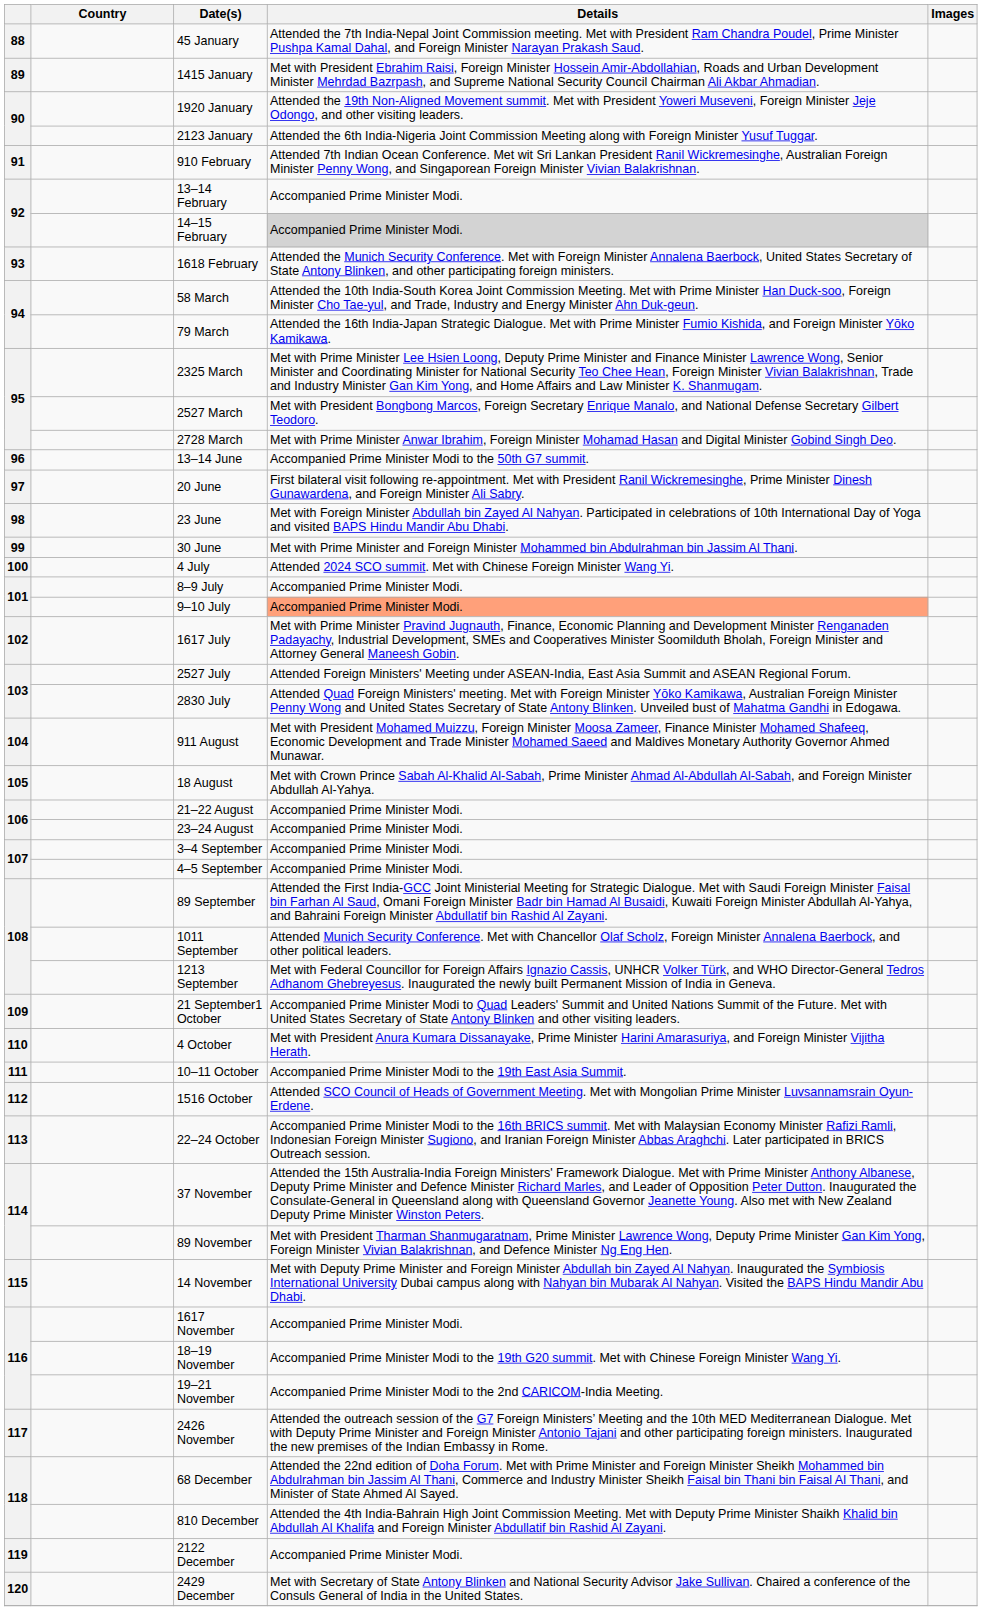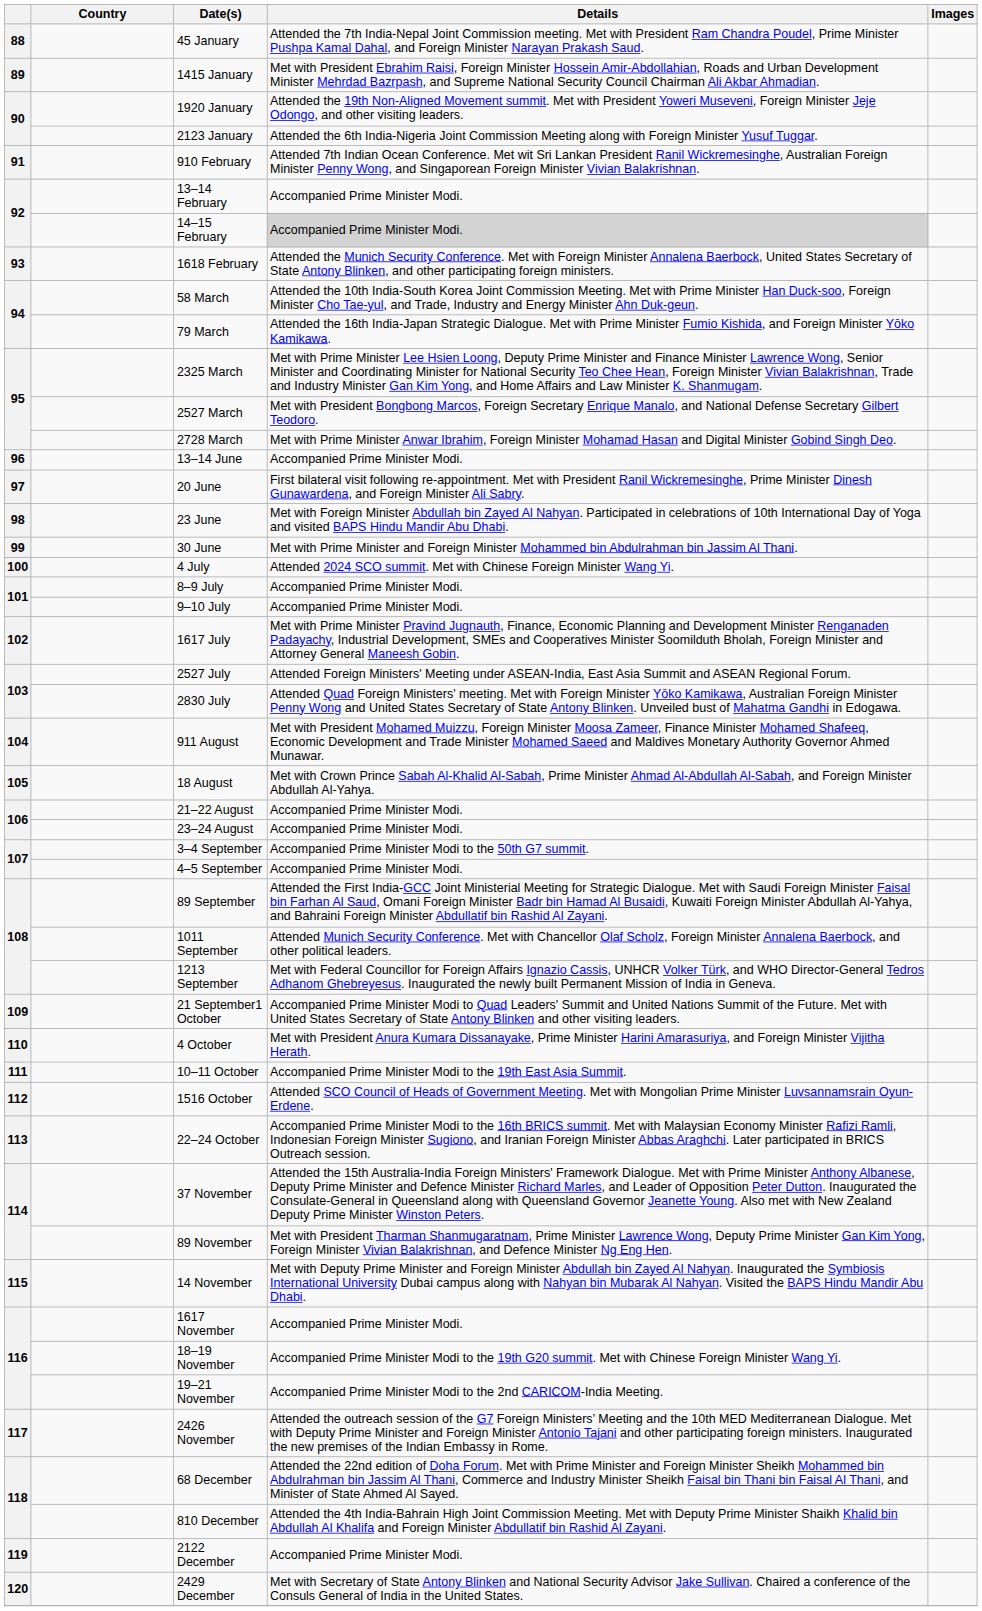 <table class="wikitable outercollapse sortable">
 <tr>
 <th></th>
 <th style="width:11em">Country</th>
 <th style="width:7em">Date(s)</th>
 <th class="unsortable">Details</th>
 <th>Images</th>
 </tr>
 <tr>
 <th>88</th>
 <td></td>
 <td>45 January</td>
 <td>Attended the 7th India-Nepal Joint Commission meeting. Met with President <a href='#'>Ram Chandra Poudel</a>, Prime Minister <a href='#'>Pushpa Kamal Dahal</a>, and Foreign Minister <a href='#'>Narayan Prakash Saud</a>.</td>
 <td></td>
 </tr>
 <tr>
 <th>89</th>
 <td></td>
 <td>1415 January</td>
 <td>Met with President <a href='#'>Ebrahim Raisi</a>, Foreign Minister <a href='#'>Hossein Amir-Abdollahian</a>, Roads and Urban Development Minister <a href='#'>Mehrdad Bazrpash</a>, and Supreme National Security Council Chairman <a href='#'>Ali Akbar Ahmadian</a>.</td>
 <td></td>
 </tr>
 <tr>
 <th rowspan="2">90</th>
 <td></td>
 <td>1920 January</td>
 <td>Attended the <a href='#'>19th Non-Aligned Movement summit</a>. Met with President <a href='#'>Yoweri Museveni</a>, Foreign Minister <a href='#'>Jeje Odongo</a>, and other visiting leaders.</td>
 <td></td>
 </tr>
 <tr>
 <td></td>
 <td>2123 January</td>
 <td>Attended the 6th India-Nigeria Joint Commission Meeting along with Foreign Minister <a href='#'>Yusuf Tuggar</a>.</td>
 <td></td>
 </tr>
 <tr>
 <th>91</th>
 <td></td>
 <td>910 February</td>
 <td>Attended 7th Indian Ocean Conference. Met wit Sri Lankan President <a href='#'>Ranil Wickremesinghe</a>, Australian Foreign Minister <a href='#'>Penny Wong</a>, and Singaporean Foreign Minister <a href='#'>Vivian Balakrishnan</a>.</td>
 <td></td>
 </tr>
 <tr>
 <th rowspan="2">92</th>
 <td></td>
 <td>13–14 February</td>
 <td>Accompanied Prime Minister Modi.</td>
 <td></td>
 </tr>
 <tr>
 <td></td>
 <td>14–15 February</td>
 <td style="background: lightgrey;">Accompanied Prime Minister Modi.</td>
 <td></td>
 </tr>
 <tr>
 <th>93</th>
 <td></td>
 <td>1618 February</td>
 <td>Attended the <a href='#'>Munich Security Conference</a>. Met with Foreign Minister <a href='#'>Annalena Baerbock</a>, United States Secretary of State <a href='#'>Antony Blinken</a>, and other participating foreign ministers.</td>
 <td></td>
 </tr>
 <tr>
 <th rowspan="2">94</th>
 <td></td>
 <td>58 March</td>
 <td>Attended the 10th India-South Korea Joint Commission Meeting. Met with Prime Minister <a href='#'>Han Duck-soo</a>, Foreign Minister <a href='#'>Cho Tae-yul</a>, and Trade, Industry and Energy Minister <a href='#'>Ahn Duk-geun</a>.</td>
 <td></td>
 </tr>
 <tr>
 <td></td>
 <td>79 March</td>
 <td>Attended the 16th India-Japan Strategic Dialogue. Met with Prime Minister <a href='#'>Fumio Kishida</a>, and Foreign Minister <a href='#'>Yōko Kamikawa</a>.</td>
 <td></td>
 </tr>
 <tr>
 <th rowspan="3">95</th>
 <td></td>
 <td>2325 March</td>
 <td>Met with Prime Minister <a href='#'>Lee Hsien Loong</a>, Deputy Prime Minister and Finance Minister <a href='#'>Lawrence Wong</a>, Senior Minister and Coordinating Minister for National Security <a href='#'>Teo Chee Hean</a>, Foreign Minister <a href='#'>Vivian Balakrishnan</a>, Trade and Industry Minister <a href='#'>Gan Kim Yong</a>, and Home Affairs and Law Minister <a href='#'>K. Shanmugam</a>.</td>
 <td></td>
 </tr>
 <tr>
 <td></td>
 <td>2527 March</td>
 <td>Met with President <a href='#'>Bongbong Marcos</a>, Foreign Secretary <a href='#'>Enrique Manalo</a>, and National Defense Secretary <a href='#'>Gilbert Teodoro</a>.</td>
 <td></td>
 </tr>
 <tr>
 <td></td>
 <td>2728 March</td>
 <td>Met with Prime Minister <a href='#'>Anwar Ibrahim</a>, Foreign Minister <a href='#'>Mohamad Hasan</a> and Digital Minister <a href='#'>Gobind Singh Deo</a>.</td>
 <td></td>
 </tr>
 <tr>
 <th>96</th>
 <td></td>
 <td>13–14 June</td>
-<td>Accompanied Prime Minister Modi to the <a href='#'>50th G7 summit</a>.</td>
+<td>Accompanied Prime Minister Modi.</td>
 <td></td>
 </tr>
 <tr>
 <th>97</th>
 <td></td>
 <td>20 June</td>
 <td>First bilateral visit following re-appointment. Met with President <a href='#'>Ranil Wickremesinghe</a>, Prime Minister <a href='#'>Dinesh Gunawardena</a>, and Foreign Minister <a href='#'>Ali Sabry</a>.</td>
 <td></td>
 </tr>
 <tr>
 <th>98</th>
 <td></td>
 <td>23 June</td>
 <td>Met with Foreign Minister <a href='#'>Abdullah bin Zayed Al Nahyan</a>. Participated in celebrations of 10th International Day of Yoga and visited <a href='#'>BAPS Hindu Mandir Abu Dhabi</a>.</td>
 <td></td>
 </tr>
 <tr>
 <th>99</th>
 <td></td>
 <td>30 June</td>
 <td>Met with Prime Minister and Foreign Minister <a href='#'>Mohammed bin Abdulrahman bin Jassim Al Thani</a>.</td>
 <td></td>
 </tr>
 <tr>
 <th>100</th>
 <td></td>
 <td>4 July</td>
 <td>Attended <a href='#'>2024 SCO summit</a>. Met with Chinese Foreign Minister <a href='#'>Wang Yi</a>.</td>
 <td></td>
 </tr>
 <tr>
 <th rowspan="2">101</th>
 <td></td>
 <td>8–9 July</td>
 <td>Accompanied Prime Minister Modi.</td>
 <td></td>
 </tr>
 <tr>
 <td></td>
 <td>9–10 July</td>
-<td style="background: lightsalmon;">Accompanied Prime Minister Modi.</td>
+<td>Accompanied Prime Minister Modi.</td>
 <td></td>
 </tr>
 <tr>
 <th>102</th>
 <td></td>
 <td>1617 July</td>
 <td>Met with Prime Minister <a href='#'>Pravind Jugnauth</a>, Finance, Economic Planning and Development Minister <a href='#'>Renganaden Padayachy</a>, Industrial Development, SMEs and Cooperatives Minister Soomilduth Bholah, Foreign Minister and Attorney General <a href='#'>Maneesh Gobin</a>.</td>
 <td></td>
 </tr>
 <tr>
 <th rowspan="2">103</th>
 <td></td>
 <td>2527 July</td>
 <td>Attended Foreign Ministers' Meeting under ASEAN-India, East Asia Summit and ASEAN Regional Forum.</td>
 <td></td>
 </tr>
 <tr>
 <td></td>
 <td>2830 July</td>
 <td>Attended <a href='#'>Quad</a> Foreign Ministers' meeting. Met with Foreign Minister <a href='#'>Yōko Kamikawa</a>, Australian Foreign Minister <a href='#'>Penny Wong</a> and United States Secretary of State <a href='#'>Antony Blinken</a>. Unveiled bust of <a href='#'>Mahatma Gandhi</a> in Edogawa.</td>
 <td></td>
 </tr>
 <tr>
 <th>104</th>
 <td></td>
 <td>911 August</td>
 <td>Met with President <a href='#'>Mohamed Muizzu</a>, Foreign Minister <a href='#'>Moosa Zameer</a>, Finance Minister <a href='#'>Mohamed Shafeeq</a>, Economic Development and Trade Minister <a href='#'>Mohamed Saeed</a> and Maldives Monetary Authority Governor Ahmed Munawar.</td>
 <td></td>
 </tr>
 <tr>
 <th>105</th>
 <td></td>
 <td>18 August</td>
 <td>Met with Crown Prince <a href='#'>Sabah Al-Khalid Al-Sabah</a>, Prime Minister <a href='#'>Ahmad Al-Abdullah Al-Sabah</a>, and Foreign Minister Abdullah Al-Yahya.</td>
 <td></td>
 </tr>
 <tr>
 <th rowspan="2">106</th>
 <td></td>
 <td>21–22 August</td>
 <td>Accompanied Prime Minister Modi.</td>
 <td></td>
 </tr>
 <tr>
 <td></td>
 <td>23–24 August</td>
 <td>Accompanied Prime Minister Modi.</td>
 <td></td>
 </tr>
 <tr>
 <th rowspan="2">107</th>
 <td></td>
 <td>3–4 September</td>
-<td>Accompanied Prime Minister Modi.</td>
+<td>Accompanied Prime Minister Modi to the <a href='#'>50th G7 summit</a>.</td>
 <td></td>
 </tr>
 <tr>
 <td></td>
 <td>4–5 September</td>
 <td>Accompanied Prime Minister Modi.</td>
 <td></td>
 </tr>
 <tr>
 <th rowspan="3">108</th>
 <td></td>
 <td>89 September</td>
 <td>Attended the First India-<a href='#'>GCC</a> Joint Ministerial Meeting for Strategic Dialogue. Met with Saudi Foreign Minister <a href='#'>Faisal bin Farhan Al Saud</a>, Omani Foreign Minister <a href='#'>Badr bin Hamad Al Busaidi</a>, Kuwaiti Foreign Minister Abdullah Al-Yahya, and Bahraini Foreign Minister <a href='#'>Abdullatif bin Rashid Al Zayani</a>.</td>
 <td></td>
 </tr>
 <tr>
 <td></td>
 <td>1011 September</td>
 <td>Attended <a href='#'>Munich Security Conference</a>. Met with Chancellor <a href='#'>Olaf Scholz</a>, Foreign Minister <a href='#'>Annalena Baerbock</a>, and other political leaders.</td>
 <td></td>
 </tr>
 <tr>
 <td></td>
 <td>1213 September</td>
 <td>Met with Federal Councillor for Foreign Affairs <a href='#'>Ignazio Cassis</a>, UNHCR <a href='#'>Volker Türk</a>, and WHO Director-General <a href='#'>Tedros Adhanom Ghebreyesus</a>. Inaugurated the newly built Permanent Mission of India in Geneva.</td>
 <td></td>
 </tr>
 <tr>
 <th>109</th>
 <td><br></td>
 <td>21 September1 October</td>
 <td>Accompanied Prime Minister Modi to <a href='#'>Quad</a> Leaders' Summit and United Nations Summit of the Future. Met with United States Secretary of State <a href='#'>Antony Blinken</a> and other visiting leaders.</td>
 <td></td>
 </tr>
 <tr>
 <th>110</th>
 <td></td>
 <td>4 October</td>
 <td>Met with President <a href='#'>Anura Kumara Dissanayake</a>, Prime Minister <a href='#'>Harini Amarasuriya</a>, and Foreign Minister <a href='#'>Vijitha Herath</a>.</td>
 <td></td>
 </tr>
 <tr>
 <th>111</th>
 <td></td>
 <td>10–11 October</td>
 <td>Accompanied Prime Minister Modi to the <a href='#'>19th East Asia Summit</a>.</td>
 <td></td>
 </tr>
 <tr>
 <th>112</th>
 <td></td>
 <td>1516 October</td>
 <td>Attended <a href='#'>SCO Council of Heads of Government Meeting</a>. Met with Mongolian Prime Minister <a href='#'>Luvsannamsrain Oyun-Erdene</a>.</td>
 <td></td>
 </tr>
 <tr>
 <th>113</th>
 <td></td>
 <td>22–24 October</td>
 <td>Accompanied Prime Minister Modi to the <a href='#'>16th BRICS summit</a>. Met with Malaysian Economy Minister <a href='#'>Rafizi Ramli</a>, Indonesian Foreign Minister <a href='#'>Sugiono</a>, and Iranian Foreign Minister <a href='#'>Abbas Araghchi</a>. Later participated in BRICS Outreach session.</td>
 <td></td>
 </tr>
 <tr>
 <th rowspan="2">114</th>
 <td></td>
 <td>37 November</td>
 <td>Attended the 15th Australia-India Foreign Ministers' Framework Dialogue. Met with Prime Minister <a href='#'>Anthony Albanese</a>, Deputy Prime Minister and Defence Minister <a href='#'>Richard Marles</a>, and Leader of Opposition <a href='#'>Peter Dutton</a>. Inaugurated the Consulate-General in Queensland along with Queensland Governor <a href='#'>Jeanette Young</a>. Also met with New Zealand Deputy Prime Minister <a href='#'>Winston Peters</a>.</td>
 <td></td>
 </tr>
 <tr>
 <td></td>
 <td>89 November</td>
 <td>Met with President <a href='#'>Tharman Shanmugaratnam</a>, Prime Minister <a href='#'>Lawrence Wong</a>, Deputy Prime Minister <a href='#'>Gan Kim Yong</a>, Foreign Minister <a href='#'>Vivian Balakrishnan</a>, and Defence Minister <a href='#'>Ng Eng Hen</a>.</td>
 <td></td>
 </tr>
 <tr>
 <th>115</th>
 <td></td>
 <td>14 November</td>
 <td>Met with Deputy Prime Minister and Foreign Minister <a href='#'>Abdullah bin Zayed Al Nahyan</a>. Inaugurated the <a href='#'>Symbiosis International University</a> Dubai campus along with <a href='#'>Nahyan bin Mubarak Al Nahyan</a>. Visited the <a href='#'>BAPS Hindu Mandir Abu Dhabi</a>.</td>
 <td></td>
 </tr>
 <tr>
 <th rowspan="3">116</th>
 <td></td>
 <td>1617 November</td>
 <td>Accompanied Prime Minister Modi.</td>
 <td></td>
 </tr>
 <tr>
 <td></td>
 <td>18–19 November</td>
 <td>Accompanied Prime Minister Modi to the <a href='#'>19th G20 summit</a>. Met with Chinese Foreign Minister <a href='#'>Wang Yi</a>.</td>
 <td></td>
 </tr>
 <tr>
 <td></td>
 <td>19–21 November</td>
 <td>Accompanied Prime Minister Modi to the 2nd <a href='#'>CARICOM</a>-India Meeting.</td>
 <td></td>
 </tr>
 <tr>
 <th>117</th>
 <td></td>
 <td>2426 November</td>
 <td>Attended the outreach session of the <a href='#'>G7</a> Foreign Ministers’ Meeting and the 10th MED Mediterranean Dialogue. Met with Deputy Prime Minister and Foreign Minister <a href='#'>Antonio Tajani</a> and other participating foreign ministers. Inaugurated the new premises of the Indian Embassy in Rome.</td>
 <td></td>
 </tr>
 <tr>
 <th rowspan="2">118</th>
 <td></td>
 <td>68 December</td>
 <td>Attended the 22nd edition of <a href='#'>Doha Forum</a>. Met with Prime Minister and Foreign Minister Sheikh <a href='#'>Mohammed bin Abdulrahman bin Jassim Al Thani</a>, Commerce and Industry Minister Sheikh <a href='#'>Faisal bin Thani bin Faisal Al Thani</a>, and Minister of State Ahmed Al Sayed.</td>
 <td></td>
 </tr>
 <tr>
 <td></td>
 <td>810 December</td>
 <td>Attended the 4th India-Bahrain High Joint Commission Meeting. Met with Deputy Prime Minister Shaikh <a href='#'>Khalid bin Abdullah Al Khalifa</a> and Foreign Minister <a href='#'>Abdullatif bin Rashid Al Zayani</a>.</td>
 <td></td>
 </tr>
 <tr>
 <th>119</th>
 <td></td>
 <td>2122 December</td>
 <td>Accompanied Prime Minister Modi.</td>
 <td></td>
 </tr>
 <tr>
 <th>120</th>
 <td></td>
 <td>2429 December</td>
 <td>Met with Secretary of State <a href='#'>Antony Blinken</a> and National Security Advisor <a href='#'>Jake Sullivan</a>. Chaired a conference of the Consuls General of India in the United States.</td>
 <td></td>
 </tr>
 <tr>
 </tr>
 </table>
